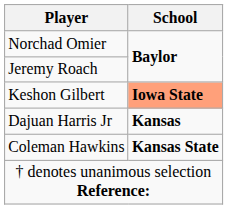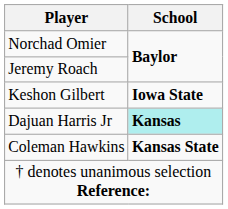 <table class="wikitable" style="white-space:nowrap; font-size:90%;">
 <tr>
 <th>Player</th>
 <th>School</th>
 </tr>
 <tr ,>
 <td>Norchad Omier</td>
 <td rowspan=2><strong>Baylor</strong></td>
 </tr>
 <tr>
 <td>Jeremy Roach</td>
 </tr>
 <tr>
 <td>Keshon Gilbert</td>
-<td style="background: lightsalmon;"><strong>Iowa State</strong></td>
+<td><strong>Iowa State</strong></td>
 </tr>
 <tr>
 <td>Dajuan Harris Jr</td>
-<td><strong>Kansas</strong></td>
+<td style="background: paleturquoise;"><strong>Kansas</strong></td>
 </tr>
 <tr>
 <td>Coleman Hawkins</td>
 <td><strong>Kansas State</strong></td>
 </tr>
 <tr>
 <td colspan="4"  style="font-size:11pt; text-align:center;">† denotes unanimous selection<br><strong>Reference:</strong></td>
 </tr>
 </table>
